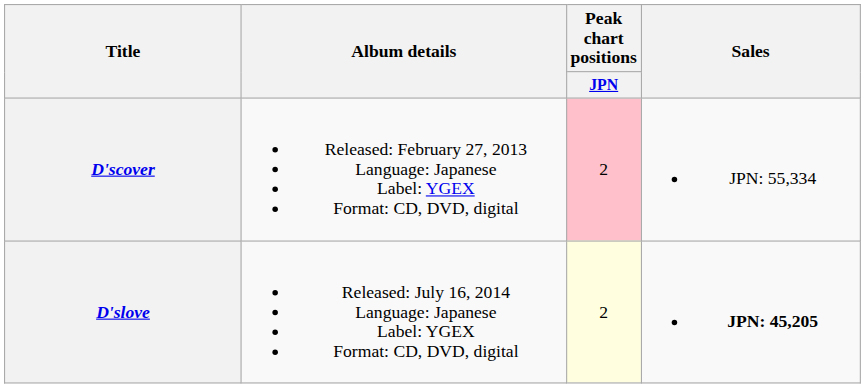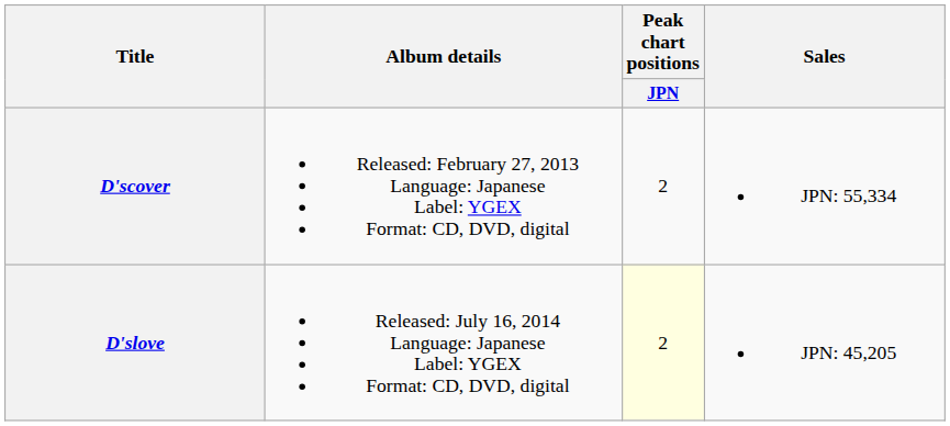 <table class="wikitable plainrowheaders" style="text-align:center;">
 <tr>
 <th rowspan="2" style="width:13em;">Title</th>
 <th rowspan="2" style="width:18em;">Album details</th>
 <th colspan="1">Peak chart positions</th>
 <th rowspan="2" style="width:12em;">Sales</th>
 </tr>
 <tr>
 <th scope="col" style="width:3em;font-size:90%;"><a href='#'>JPN</a><br></th>
 </tr>
 <tr>
 <th scope="row"><em><a href='#'>D'scover</a></em></th>
 <td><br><ul><li>Released: February 27, 2013</li><li>Language: Japanese</li><li>Label: <a href='#'>YGEX</a></li><li>Format: CD, DVD, digital</li></ul></td>
-<td style="background: pink;">2</td>
+<td>2</td>
 <td><br><ul><li>JPN: 55,334</li></ul></td>
 </tr>
 <tr>
 <th scope="row"><em><a href='#'>D'slove</a></em></th>
 <td><br><ul><li>Released: July 16, 2014</li><li>Language: Japanese</li><li>Label: YGEX</li><li>Format: CD, DVD, digital</li></ul></td>
 <td style="background: lightyellow;">2</td>
-<td><strong><br><ul><li>JPN: 45,205</li></ul></strong></td>
+<td><br><ul><li>JPN: 45,205</li></ul></td>
 </tr>
 </table>
